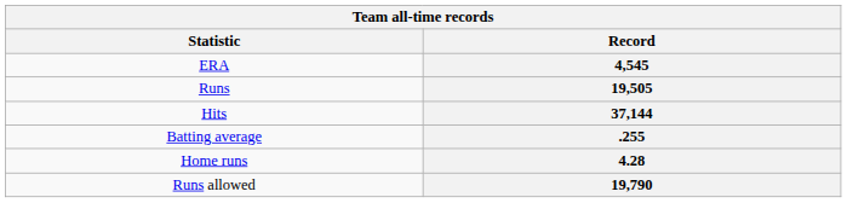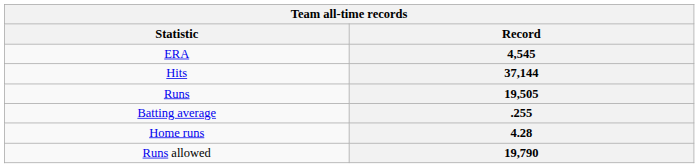 <table class="wikitable" style="text-align:center" width="70%">
 <tr>
 <th colspan=2>Team all-time records</th>
 </tr>
 <tr>
 <th scope="col" width=20%>Statistic</th>
 <th scope="col" class="unsortable" width=20%>Record</th>
 </tr>
 <tr>
 <td><a href='#'>ERA</a></td>
 <th scope="row">4,545</th>
 </tr>
 <tr>
+<td><a href='#'>Hits</a></td>
+<th scope="row">37,144</th>
+</tr>
+<tr>
 <td><a href='#'>Runs</a></td>
 <th scope="row">19,505</th>
-</tr>
-<tr>
-<td><a href='#'>Hits</a></td>
-<th scope="row">37,144</th>
 </tr>
 <tr>
 <td><a href='#'>Batting average</a></td>
 <th scope="row">.255</th>
 </tr>
 <tr>
 <td><a href='#'>Home runs</a></td>
 <th scope="row">4.28</th>
 </tr>
 <tr>
 <td><a href='#'>Runs</a> allowed</td>
 <th scope="row">19,790</th>
 </tr>
 </table>
